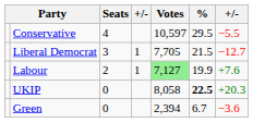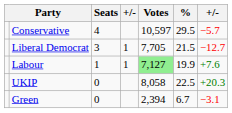 <table class="wikitable">
 <tr>
 <th colspan="2">Party</th>
 <th>Seats</th>
 <th>+/-</th>
 <th>Votes</th>
 <th>%</th>
 <th>+/-</th>
 </tr>
 <tr>
 <td style="background-color: "></td>
 <td><a href='#'>Conservative</a></td>
 <td>4</td>
 <td></td>
 <td>10,597</td>
 <td>29.5</td>
-<td style="color:red">−5.5</td>
+<td style="color:red">−5.7</td>
 </tr>
 <tr>
 <td style="background-color: "></td>
 <td><a href='#'>Liberal Democrat</a></td>
 <td>3</td>
 <td> 1</td>
 <td>7,705</td>
 <td>21.5</td>
 <td style="color:red">−12.7</td>
 </tr>
 <tr>
 <td style="background-color: "></td>
 <td><a href='#'>Labour</a></td>
-<td>2</td>
+<td>1</td>
 <td> 1</td>
 <td style="background: lightgreen;">7,127</td>
 <td>19.9</td>
 <td style="color:green">+7.6</td>
 </tr>
 <tr>
 <td style="background-color: "></td>
 <td><a href='#'>UKIP</a></td>
 <td>0</td>
 <td></td>
 <td>8,058</td>
-<td><strong>22.5</strong></td>
+<td>22.5</td>
 <td style="color:green">+20.3</td>
 </tr>
 <tr>
 <td style="background-color: "></td>
 <td><a href='#'>Green</a></td>
 <td>0</td>
 <td></td>
 <td>2,394</td>
 <td>6.7</td>
-<td style="color:red">−3.6</td>
+<td style="color:red">−3.1</td>
 </tr>
 </table>
